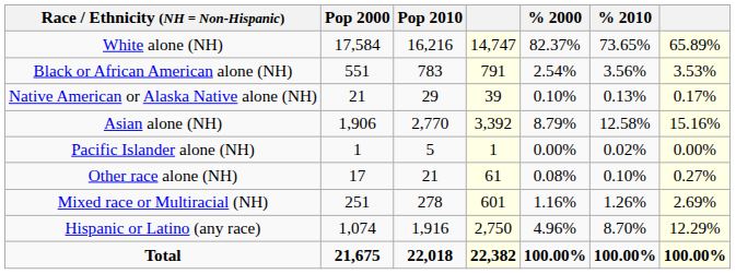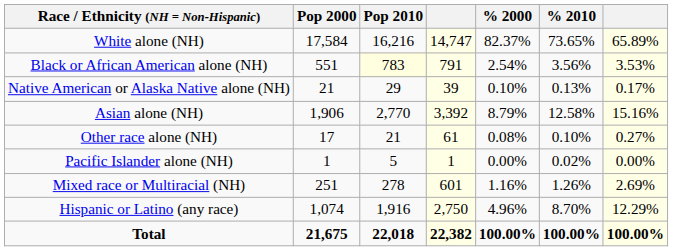 <table class="wikitable" style="text-align:center;">
 <tr>
 <th>Race / Ethnicity <small>(<em>NH = Non-Hispanic</em>)</small></th>
 <th>Pop 2000</th>
 <th>Pop 2010</th>
 <th></th>
 <th>% 2000</th>
 <th>% 2010</th>
 <th></th>
 </tr>
 <tr>
 <td><a href='#'>White</a> alone (NH)</td>
 <td>17,584</td>
 <td>16,216</td>
 <td style='background: #ffffe6;'>14,747</td>
 <td>82.37%</td>
 <td>73.65%</td>
 <td style='background: #ffffe6;'>65.89%</td>
 </tr>
 <tr>
 <td><a href='#'>Black or African American</a> alone (NH)</td>
 <td>551</td>
-<td>783</td>
+<td style="background: lightyellow;">783</td>
 <td style='background: #ffffe6;'>791</td>
 <td>2.54%</td>
 <td>3.56%</td>
 <td style='background: #ffffe6;'>3.53%</td>
 </tr>
 <tr>
 <td><a href='#'>Native American</a> or <a href='#'>Alaska Native</a> alone (NH)</td>
 <td>21</td>
 <td>29</td>
 <td style='background: #ffffe6;'>39</td>
 <td>0.10%</td>
 <td>0.13%</td>
 <td style='background: #ffffe6;'>0.17%</td>
 </tr>
 <tr>
 <td><a href='#'>Asian</a> alone (NH)</td>
 <td>1,906</td>
 <td>2,770</td>
 <td style='background: #ffffe6;'>3,392</td>
 <td>8.79%</td>
 <td>12.58%</td>
 <td style='background: #ffffe6;'>15.16%</td>
 </tr>
 <tr>
+<td><a href='#'>Other race</a> alone (NH)</td>
+<td>17</td>
+<td>21</td>
+<td style='background: #ffffe6;'>61</td>
+<td>0.08%</td>
+<td>0.10%</td>
+<td style='background: #ffffe6;'>0.27%</td>
+</tr>
+<tr>
 <td><a href='#'>Pacific Islander</a> alone (NH)</td>
 <td>1</td>
 <td>5</td>
 <td style='background: #ffffe6;'>1</td>
 <td>0.00%</td>
 <td>0.02%</td>
 <td style='background: #ffffe6;'>0.00%</td>
-</tr>
-<tr>
-<td><a href='#'>Other race</a> alone (NH)</td>
-<td>17</td>
-<td>21</td>
-<td style='background: #ffffe6;'>61</td>
-<td>0.08%</td>
-<td>0.10%</td>
-<td style='background: #ffffe6;'>0.27%</td>
 </tr>
 <tr>
 <td><a href='#'>Mixed race or Multiracial</a> (NH)</td>
 <td>251</td>
 <td>278</td>
 <td style='background: #ffffe6;'>601</td>
 <td>1.16%</td>
 <td>1.26%</td>
 <td style='background: #ffffe6;'>2.69%</td>
 </tr>
 <tr>
 <td><a href='#'>Hispanic or Latino</a> (any race)</td>
 <td>1,074</td>
 <td>1,916</td>
 <td style='background: #ffffe6;'>2,750</td>
 <td>4.96%</td>
 <td>8.70%</td>
 <td style='background: #ffffe6;'>12.29%</td>
 </tr>
 <tr>
 <td><strong>Total</strong></td>
 <td><strong>21,675</strong></td>
 <td><strong>22,018</strong></td>
 <td style='background: #ffffe6;'><strong>22,382</strong></td>
 <td><strong>100.00%</strong></td>
 <td><strong>100.00%</strong></td>
 <td style='background: #ffffe6;'><strong>100.00%</strong></td>
 </tr>
 </table>
